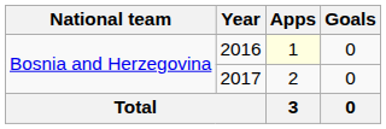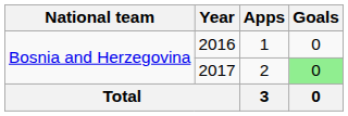 <table class="wikitable" style="text-align:center">
 <tr>
 <th>National team</th>
 <th>Year</th>
 <th>Apps</th>
 <th>Goals</th>
 </tr>
 <tr>
 <td rowspan=3><a href='#'>Bosnia and Herzegovina</a></td>
 </tr>
 <tr>
 <td>2016</td>
-<td style="background: lightyellow;">1</td>
+<td>1</td>
 <td>0</td>
 </tr>
 <tr>
 <td>2017</td>
 <td>2</td>
-<td>0</td>
+<td style="background: lightgreen;">0</td>
 </tr>
 <tr>
 <th colspan=2>Total</th>
 <th>3</th>
 <th>0</th>
 </tr>
 </table>
